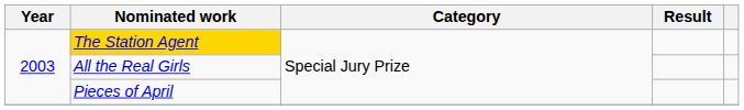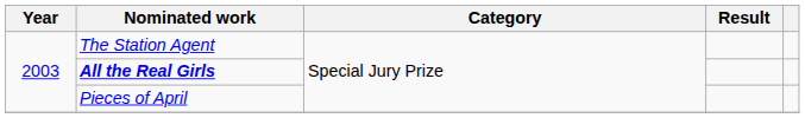 <table class="wikitable" style="width:85%;">
 <tr>
 <th scope="col" style="width:5em;">Year</th>
 <th scope="col" style="width:20em;">Nominated work</th>
 <th scope="col" style="width:40em;">Category</th>
 <th scope="col" style="width:5em;">Result</th>
 <th class="unsortable" style="width:1em;"></th>
 </tr>
 <tr>
 <td style="text-align:center;" rowspan="3"><a href='#'>2003</a></td>
-<td style="background: gold;"><em><a href='#'>The Station Agent</a></em></td>
+<td><em><a href='#'>The Station Agent</a></em></td>
 <td rowspan="3">Special Jury Prize</td>
 <td></td>
 <td align="center"></td>
 </tr>
 <tr>
-<td><em><a href='#'>All the Real Girls</a></em></td>
+<td><strong><em><a href='#'>All the Real Girls</a></em></strong></td>
 <td></td>
 <td align="center"></td>
 </tr>
 <tr>
 <td><em><a href='#'>Pieces of April</a></em></td>
 <td></td>
 <td align="center"></td>
 </tr>
 <tr>
 </tr>
 </table>
